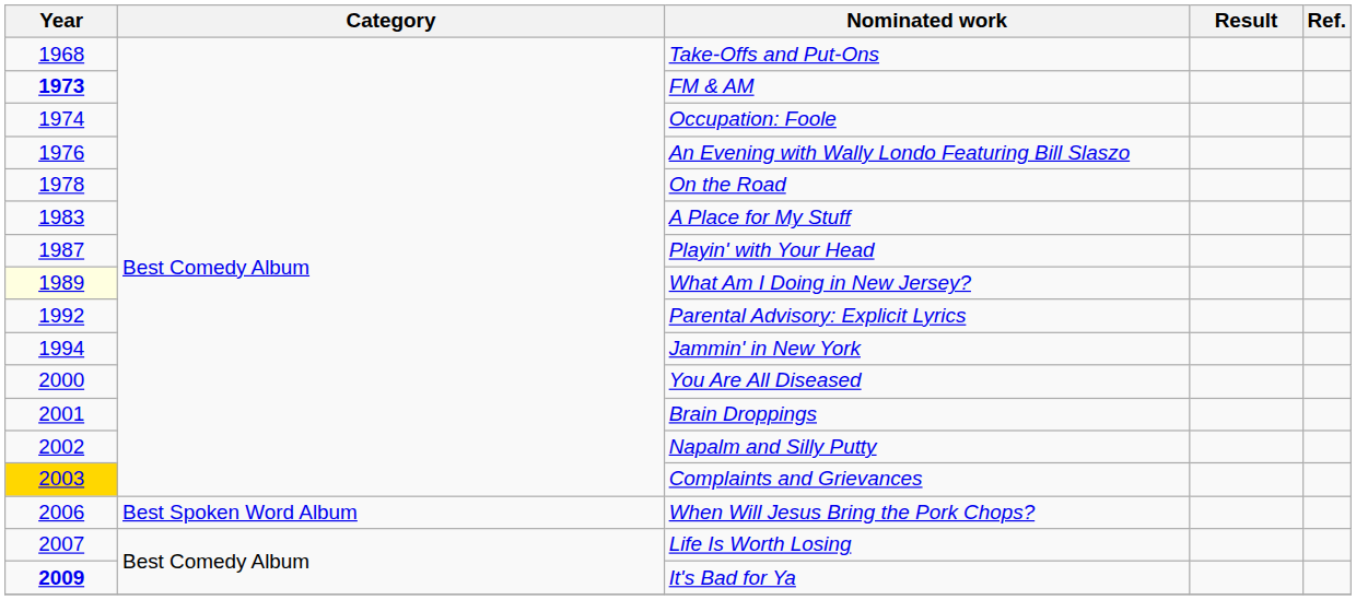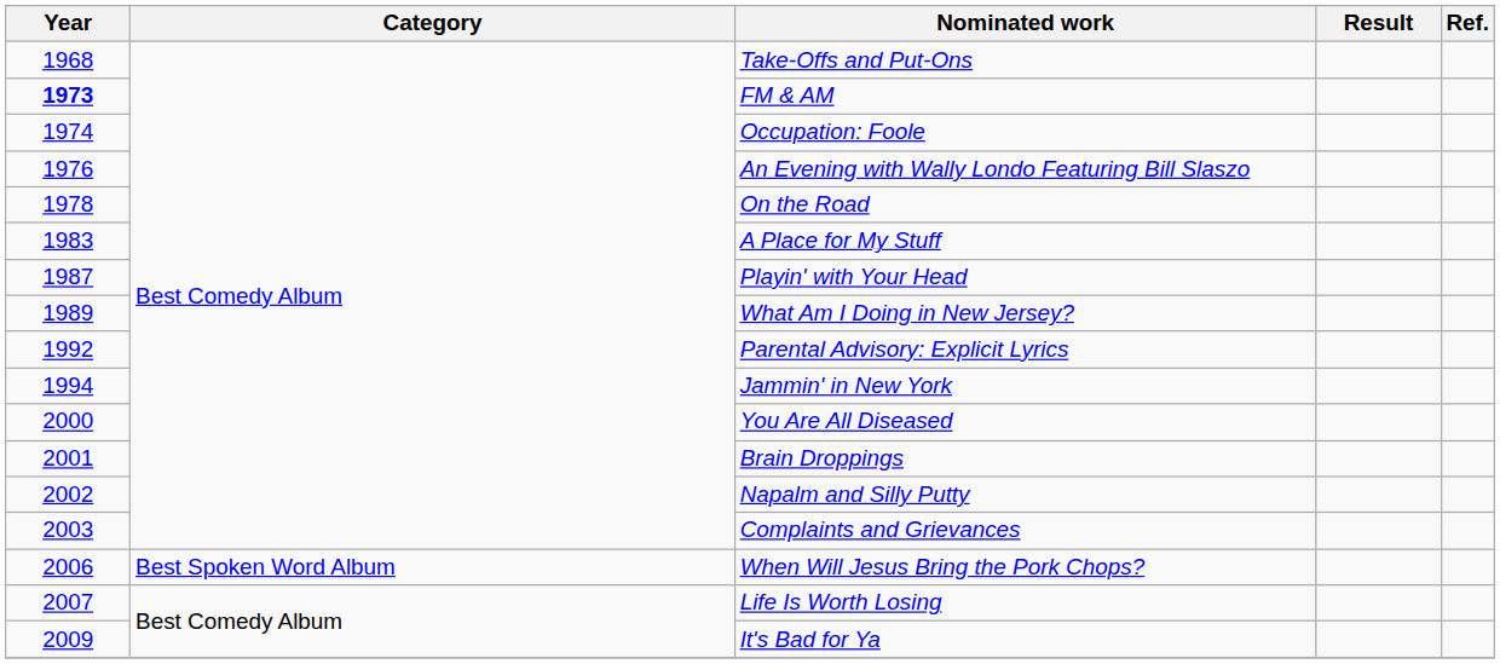 <table class=wikitable>
 <tr>
 <th scope="col" style="width:5em;">Year</th>
 <th scope="col" style="width:26em;">Category</th>
 <th scope="col" style="width:25em;">Nominated work</th>
 <th scope="col" style="width:5em;">Result</th>
 <th>Ref.</th>
 </tr>
 <tr>
 <td style="text-align:center;"><a href='#'>1968</a></td>
 <td rowspan=14><a href='#'>Best Comedy Album</a></td>
 <td><em><a href='#'>Take-Offs and Put-Ons</a></em></td>
 <td></td>
 <td></td>
 </tr>
 <tr>
 <td style="text-align:center;"><strong><a href='#'>1973</a></strong></td>
 <td><em><a href='#'>FM & AM</a></em></td>
 <td></td>
 <td></td>
 </tr>
 <tr>
 <td style="text-align:center;"><a href='#'>1974</a></td>
 <td><em><a href='#'>Occupation: Foole</a></em></td>
 <td></td>
 <td></td>
 </tr>
 <tr>
 <td style="text-align:center;"><a href='#'>1976</a></td>
 <td><em><a href='#'>An Evening with Wally Londo Featuring Bill Slaszo</a></em></td>
 <td></td>
 <td></td>
 </tr>
 <tr>
 <td style="text-align:center;"><a href='#'>1978</a></td>
 <td><em><a href='#'>On the Road</a></em></td>
 <td></td>
 <td></td>
 </tr>
 <tr>
 <td style="text-align:center;"><a href='#'>1983</a></td>
 <td><em><a href='#'>A Place for My Stuff</a></em></td>
 <td></td>
 <td></td>
 </tr>
 <tr>
 <td style="text-align:center;"><a href='#'>1987</a></td>
 <td><em><a href='#'>Playin' with Your Head</a></em></td>
 <td></td>
 <td></td>
 </tr>
 <tr>
-<td style="background: lightyellow; text-align:center;"><a href='#'>1989</a></td>
+<td style="text-align:center;"><a href='#'>1989</a></td>
 <td><em><a href='#'>What Am I Doing in New Jersey?</a></em></td>
 <td></td>
 <td></td>
 </tr>
 <tr>
 <td style="text-align:center;"><a href='#'>1992</a></td>
 <td><em><a href='#'>Parental Advisory: Explicit Lyrics</a></em></td>
 <td></td>
 <td></td>
 </tr>
 <tr>
 <td style="text-align:center;"><a href='#'>1994</a></td>
 <td><em><a href='#'>Jammin' in New York</a></em></td>
 <td></td>
 <td></td>
 </tr>
 <tr>
 <td style="text-align:center;"><a href='#'>2000</a></td>
 <td><em><a href='#'>You Are All Diseased</a></em></td>
 <td></td>
 <td></td>
 </tr>
 <tr>
 <td style="text-align:center;"><a href='#'>2001</a></td>
 <td><em><a href='#'>Brain Droppings</a></em></td>
 <td></td>
 <td></td>
 </tr>
 <tr>
 <td style="text-align:center;"><a href='#'>2002</a></td>
 <td><em><a href='#'>Napalm and Silly Putty</a></em></td>
 <td></td>
 <td></td>
 </tr>
 <tr>
-<td style="background: gold; text-align:center;"><a href='#'>2003</a></td>
+<td style="text-align:center;"><a href='#'>2003</a></td>
 <td><em><a href='#'>Complaints and Grievances</a></em></td>
 <td></td>
 <td></td>
 </tr>
 <tr>
 <td style="text-align:center;"><a href='#'>2006</a></td>
 <td><a href='#'>Best Spoken Word Album</a></td>
 <td><em><a href='#'>When Will Jesus Bring the Pork Chops?</a></em></td>
 <td></td>
 <td></td>
 </tr>
 <tr>
 <td style="text-align:center;"><a href='#'>2007</a></td>
 <td rowspan=2>Best Comedy Album</td>
 <td><em><a href='#'>Life Is Worth Losing</a></em></td>
 <td></td>
 <td></td>
 </tr>
 <tr>
-<td style="text-align:center;"><strong><a href='#'>2009</a></strong></td>
+<td style="text-align:center;"><a href='#'>2009</a></td>
 <td><em><a href='#'>It's Bad for Ya</a></em></td>
 <td></td>
 <td></td>
 </tr>
 <tr>
 </tr>
 </table>
